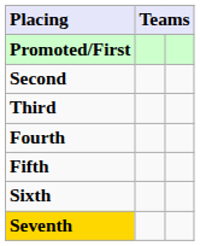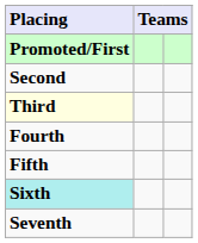 <table class=wikitable>
 <tr>
 </tr>
 <tr style="background: #E6E6FA;">
 <td><strong>Placing</strong></td>
 <td colspan="3" style="text-align:center"><strong>Teams</strong></td>
 </tr>
 <tr style="background: #ccffcc;">
 <td><strong>Promoted/First</strong></td>
 <td><strong></strong></td>
 <td><strong></strong></td>
 </tr>
 <tr>
 <td><strong>Second</strong></td>
 <td></td>
 <td></td>
 </tr>
 <tr>
-<td><strong>Third</strong></td>
+<td style="background: lightyellow;"><strong>Third</strong></td>
 <td></td>
 <td></td>
 </tr>
 <tr>
 <td><strong>Fourth</strong></td>
 <td></td>
 <td></td>
 </tr>
 <tr>
 <td><strong>Fifth</strong></td>
 <td></td>
 <td></td>
 </tr>
 <tr>
-<td><strong>Sixth</strong></td>
+<td style="background: paleturquoise;"><strong>Sixth</strong></td>
 <td></td>
 <td></td>
 </tr>
 <tr>
-<td style="background: gold;"><strong>Seventh</strong></td>
+<td><strong>Seventh</strong></td>
 <td></td>
 <td></td>
 </tr>
 </table>
